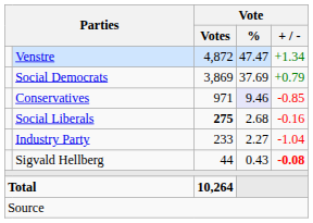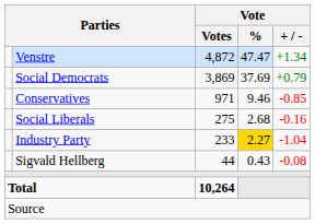 <table class="wikitable" style="text-align:right;">
 <tr>
 <th style="text-align:centre;" rowspan="2" colspan="2" width="225">Parties</th>
 <th colspan="3">Vote</th>
 </tr>
 <tr>
 <th width="15">Votes</th>
 <th width="15">%</th>
 <th width="15">+ / -</th>
 </tr>
 <tr>
 <td width="2" style="color:inherit;background:"></td>
 <td bgcolor=#cfe5fe  align="left"><a href='#'>Venstre</a></td>
 <td bgcolor=#cfe5fe>4,872</td>
 <td bgcolor=#cfe5fe>47.47</td>
 <td style=color:green;>+1.34</td>
 </tr>
 <tr>
 <td width="2" style="color:inherit;background:"></td>
 <td align="left"><a href='#'>Social Democrats</a></td>
 <td>3,869</td>
 <td>37.69</td>
 <td style=color:green;>+0.79</td>
 </tr>
 <tr>
 <td width="2" style="color:inherit;background:"></td>
 <td align="left"><a href='#'>Conservatives</a></td>
 <td>971</td>
-<td style="background: lavender;">9.46</td>
+<td>9.46</td>
 <td style=color:red;>-0.85</td>
 </tr>
 <tr>
 <td width="2" style="color:inherit;background:"></td>
 <td align="left"><a href='#'>Social Liberals</a></td>
-<td><strong>275</strong></td>
+<td>275</td>
 <td>2.68</td>
 <td style=color:red;>-0.16</td>
 </tr>
 <tr>
 <td width="2" style="color:inherit;background:"></td>
 <td align="left"><a href='#'>Industry Party</a></td>
 <td>233</td>
-<td>2.27</td>
+<td style="background: gold;">2.27</td>
 <td style=color:red;>-1.04</td>
 </tr>
 <tr>
 <td width="2" style="color:inherit;background:"></td>
 <td align="left">Sigvald Hellberg</td>
 <td>44</td>
 <td>0.43</td>
-<td style=color:red;><strong>-0.08</strong></td>
+<td style=color:red;>-0.08</td>
 </tr>
 <tr>
 <td colspan="7" bgcolor="#E9E9E9"></td>
 </tr>
 <tr>
 <td align="left" colspan="2"><strong>Total</strong></td>
 <td><strong>10,264</strong></td>
 <td bgcolor="#E9E9E9" colspan="2"></td>
 </tr>
 <tr>
 <td align="left" colspan="6">Source</td>
 </tr>
 </table>
